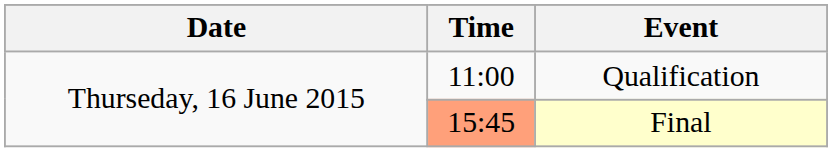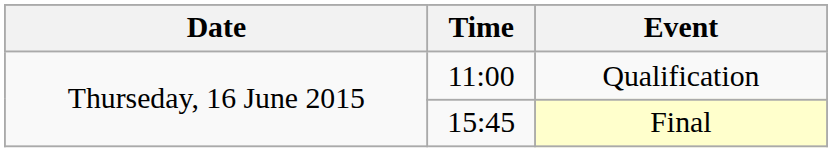 <table class = "wikitable" style="text-align:center;">
 <tr>
 <th width=220>Date</th>
 <th width=50>Time</th>
 <th width=150>Event</th>
 </tr>
 <tr>
 <td rowspan=2>Thurseday, 16 June 2015</td>
 <td>11:00</td>
 <td>Qualification</td>
 </tr>
 <tr>
-<td style="background: lightsalmon;">15:45</td>
+<td>15:45</td>
 <td bgcolor=ffffcc>Final</td>
 </tr>
 </table>
